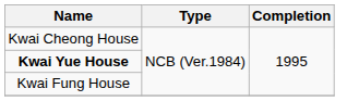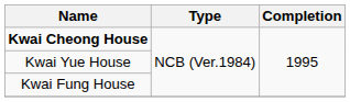 <table class="wikitable" style="text-align: center">
 <tr>
 <th>Name</th>
 <th>Type</th>
 <th>Completion</th>
 </tr>
 <tr>
-<td>Kwai Cheong House</td>
+<td><strong>Kwai Cheong House</strong></td>
 <td rowspan="3">NCB (Ver.1984)</td>
 <td rowspan="3">1995</td>
 </tr>
 <tr>
-<td><strong>Kwai Yue House</strong></td>
+<td>Kwai Yue House</td>
 </tr>
 <tr>
 <td>Kwai Fung House</td>
 </tr>
 <tr>
 </tr>
 </table>
